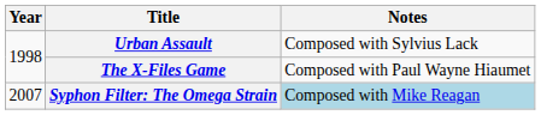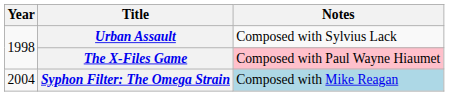 <table class="wikitable">
 <tr>
 <th>Year</th>
 <th>Title</th>
 <th>Notes</th>
 </tr>
 <tr>
 <td rowspan="2">1998</td>
 <th><em><a href='#'>Urban Assault</a></em></th>
 <td>Composed with Sylvius Lack</td>
 </tr>
 <tr>
 <th><em><a href='#'>The X-Files Game</a></em></th>
-<td>Composed with Paul Wayne Hiaumet</td>
+<td style="background: pink;">Composed with Paul Wayne Hiaumet</td>
 </tr>
 <tr>
-<td>2007</td>
+<td>2004</td>
 <th><em><a href='#'>Syphon Filter: The Omega Strain</a></em></th>
 <td style="background: lightblue;">Composed with <a href='#'>Mike Reagan</a></td>
 </tr>
 </table>
